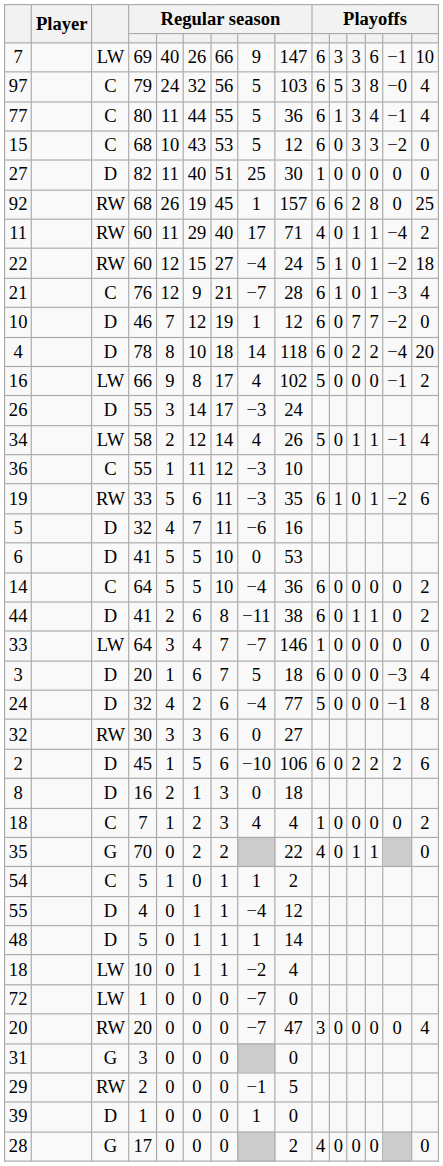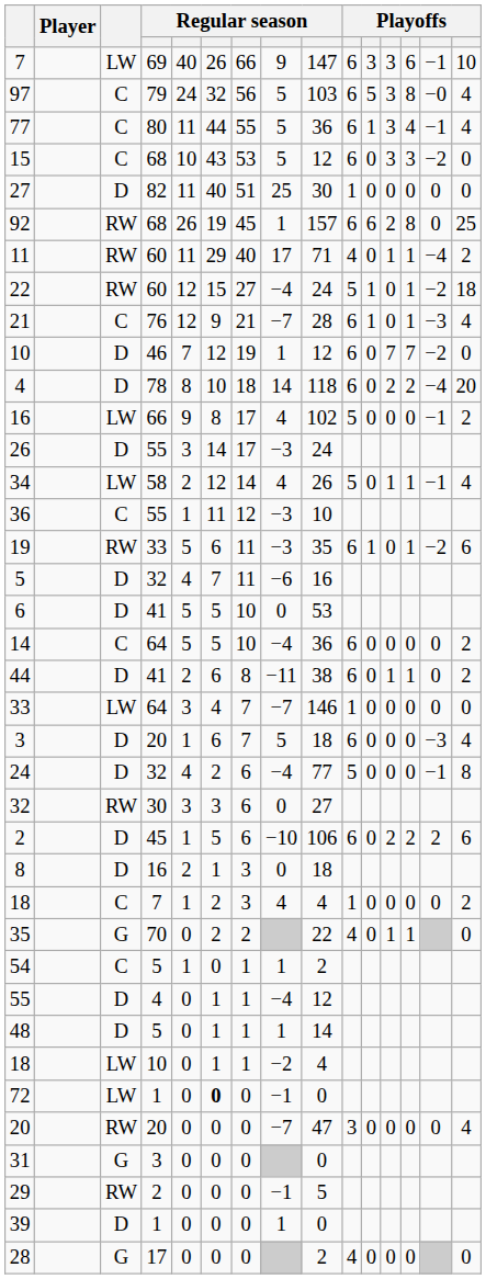 <table class="wikitable sortable plainrowheaders" style="text-align:center;">
 <tr>
 <th scope="col" data-sort-type="number" rowspan="2"></th>
 <th scope="col" rowspan="2">Player</th>
 <th scope="col" rowspan="2"></th>
 <th scope=colgroup colspan=6>Regular season</th>
 <th scope=colgroup colspan=6>Playoffs</th>
 </tr>
 <tr>
 <th scope="col" data-sort-type="number"></th>
 <th scope="col" data-sort-type="number"></th>
 <th scope="col" data-sort-type="number"></th>
 <th scope="col" data-sort-type="number"></th>
 <th scope="col" data-sort-type="number"></th>
 <th scope="col" data-sort-type="number"></th>
 <th scope="col" data-sort-type="number"></th>
 <th scope="col" data-sort-type="number"></th>
 <th scope="col" data-sort-type="number"></th>
 <th scope="col" data-sort-type="number"></th>
 <th scope="col" data-sort-type="number"></th>
 <th scope="col" data-sort-type="number"></th>
 </tr>
 <tr>
 <td scope="row">7</td>
 <td align="left"></td>
 <td>LW</td>
 <td>69</td>
 <td>40</td>
 <td>26</td>
 <td>66</td>
 <td>9</td>
 <td>147</td>
 <td>6</td>
 <td>3</td>
 <td>3</td>
 <td>6</td>
 <td>−1</td>
 <td>10</td>
 </tr>
 <tr>
 <td scope="row">97</td>
 <td align="left"></td>
 <td>C</td>
 <td>79</td>
 <td>24</td>
 <td>32</td>
 <td>56</td>
 <td>5</td>
 <td>103</td>
 <td>6</td>
 <td>5</td>
 <td>3</td>
 <td>8</td>
 <td>−0</td>
 <td>4</td>
 </tr>
 <tr>
 <td scope="row">77</td>
 <td align="left"></td>
 <td>C</td>
 <td>80</td>
 <td>11</td>
 <td>44</td>
 <td>55</td>
 <td>5</td>
 <td>36</td>
 <td>6</td>
 <td>1</td>
 <td>3</td>
 <td>4</td>
 <td>−1</td>
 <td>4</td>
 </tr>
 <tr>
 <td scope="row">15</td>
 <td align="left"></td>
 <td>C</td>
 <td>68</td>
 <td>10</td>
 <td>43</td>
 <td>53</td>
 <td>5</td>
 <td>12</td>
 <td>6</td>
 <td>0</td>
 <td>3</td>
 <td>3</td>
 <td>−2</td>
 <td>0</td>
 </tr>
 <tr>
 <td scope="row">27</td>
 <td align="left"></td>
 <td>D</td>
 <td>82</td>
 <td>11</td>
 <td>40</td>
 <td>51</td>
 <td>25</td>
 <td>30</td>
 <td>1</td>
 <td>0</td>
 <td>0</td>
 <td>0</td>
 <td>0</td>
 <td>0</td>
 </tr>
 <tr>
 <td scope="row">92</td>
 <td align="left"></td>
 <td>RW</td>
 <td>68</td>
 <td>26</td>
 <td>19</td>
 <td>45</td>
 <td>1</td>
 <td>157</td>
 <td>6</td>
 <td>6</td>
 <td>2</td>
 <td>8</td>
 <td>0</td>
 <td>25</td>
 </tr>
 <tr>
 <td scope="row">11</td>
 <td align="left"></td>
 <td>RW</td>
 <td>60</td>
 <td>11</td>
 <td>29</td>
 <td>40</td>
 <td>17</td>
 <td>71</td>
 <td>4</td>
 <td>0</td>
 <td>1</td>
 <td>1</td>
 <td>−4</td>
 <td>2</td>
 </tr>
 <tr>
 <td scope="row">22</td>
 <td align="left"></td>
 <td>RW</td>
 <td>60</td>
 <td>12</td>
 <td>15</td>
 <td>27</td>
 <td>−4</td>
 <td>24</td>
 <td>5</td>
 <td>1</td>
 <td>0</td>
 <td>1</td>
 <td>−2</td>
 <td>18</td>
 </tr>
 <tr>
 <td scope="row">21</td>
 <td align="left"></td>
 <td>C</td>
 <td>76</td>
 <td>12</td>
 <td>9</td>
 <td>21</td>
 <td>−7</td>
 <td>28</td>
 <td>6</td>
 <td>1</td>
 <td>0</td>
 <td>1</td>
 <td>−3</td>
 <td>4</td>
 </tr>
 <tr>
 <td scope="row">10</td>
 <td align="left"></td>
 <td>D</td>
 <td>46</td>
 <td>7</td>
 <td>12</td>
 <td>19</td>
 <td>1</td>
 <td>12</td>
 <td>6</td>
 <td>0</td>
 <td>7</td>
 <td>7</td>
 <td>−2</td>
 <td>0</td>
 </tr>
 <tr>
 <td scope="row">4</td>
 <td align="left"></td>
 <td>D</td>
 <td>78</td>
 <td>8</td>
 <td>10</td>
 <td>18</td>
 <td>14</td>
 <td>118</td>
 <td>6</td>
 <td>0</td>
 <td>2</td>
 <td>2</td>
 <td>−4</td>
 <td>20</td>
 </tr>
 <tr>
 <td scope="row">16</td>
 <td align="left"></td>
 <td>LW</td>
 <td>66</td>
 <td>9</td>
 <td>8</td>
 <td>17</td>
 <td>4</td>
 <td>102</td>
 <td>5</td>
 <td>0</td>
 <td>0</td>
 <td>0</td>
 <td>−1</td>
 <td>2</td>
 </tr>
 <tr>
 <td scope="row">26</td>
 <td align="left"></td>
 <td>D</td>
 <td>55</td>
 <td>3</td>
 <td>14</td>
 <td>17</td>
 <td>−3</td>
 <td>24</td>
 <td></td>
 <td></td>
 <td></td>
 <td></td>
 <td></td>
 <td></td>
 </tr>
 <tr>
 <td scope="row">34</td>
 <td align="left"></td>
 <td>LW</td>
 <td>58</td>
 <td>2</td>
 <td>12</td>
 <td>14</td>
 <td>4</td>
 <td>26</td>
 <td>5</td>
 <td>0</td>
 <td>1</td>
 <td>1</td>
 <td>−1</td>
 <td>4</td>
 </tr>
 <tr>
 <td scope="row">36</td>
 <td align="left"></td>
 <td>C</td>
 <td>55</td>
 <td>1</td>
 <td>11</td>
 <td>12</td>
 <td>−3</td>
 <td>10</td>
 <td></td>
 <td></td>
 <td></td>
 <td></td>
 <td></td>
 <td></td>
 </tr>
 <tr>
 <td scope="row">19</td>
 <td align="left"></td>
 <td>RW</td>
 <td>33</td>
 <td>5</td>
 <td>6</td>
 <td>11</td>
 <td>−3</td>
 <td>35</td>
 <td>6</td>
 <td>1</td>
 <td>0</td>
 <td>1</td>
 <td>−2</td>
 <td>6</td>
 </tr>
 <tr>
 <td scope="row">5</td>
 <td align="left"></td>
 <td>D</td>
 <td>32</td>
 <td>4</td>
 <td>7</td>
 <td>11</td>
 <td>−6</td>
 <td>16</td>
 <td></td>
 <td></td>
 <td></td>
 <td></td>
 <td></td>
 <td></td>
 </tr>
 <tr>
 <td scope="row">6</td>
 <td align="left"></td>
 <td>D</td>
 <td>41</td>
 <td>5</td>
 <td>5</td>
 <td>10</td>
 <td>0</td>
 <td>53</td>
 <td></td>
 <td></td>
 <td></td>
 <td></td>
 <td></td>
 <td></td>
 </tr>
 <tr>
 <td scope="row">14</td>
 <td align="left"></td>
 <td>C</td>
 <td>64</td>
 <td>5</td>
 <td>5</td>
 <td>10</td>
 <td>−4</td>
 <td>36</td>
 <td>6</td>
 <td>0</td>
 <td>0</td>
 <td>0</td>
 <td>0</td>
 <td>2</td>
 </tr>
 <tr>
 <td scope="row">44</td>
 <td align="left"></td>
 <td>D</td>
 <td>41</td>
 <td>2</td>
 <td>6</td>
 <td>8</td>
 <td>−11</td>
 <td>38</td>
 <td>6</td>
 <td>0</td>
 <td>1</td>
 <td>1</td>
 <td>0</td>
 <td>2</td>
 </tr>
 <tr>
 <td scope="row">33</td>
 <td align="left"></td>
 <td>LW</td>
 <td>64</td>
 <td>3</td>
 <td>4</td>
 <td>7</td>
 <td>−7</td>
 <td>146</td>
 <td>1</td>
 <td>0</td>
 <td>0</td>
 <td>0</td>
 <td>0</td>
 <td>0</td>
 </tr>
 <tr>
 <td scope="row">3</td>
 <td align="left"></td>
 <td>D</td>
 <td>20</td>
 <td>1</td>
 <td>6</td>
 <td>7</td>
 <td>5</td>
 <td>18</td>
 <td>6</td>
 <td>0</td>
 <td>0</td>
 <td>0</td>
 <td>−3</td>
 <td>4</td>
 </tr>
 <tr>
 <td scope="row">24</td>
 <td align="left"></td>
 <td>D</td>
 <td>32</td>
 <td>4</td>
 <td>2</td>
 <td>6</td>
 <td>−4</td>
 <td>77</td>
 <td>5</td>
 <td>0</td>
 <td>0</td>
 <td>0</td>
 <td>−1</td>
 <td>8</td>
 </tr>
 <tr>
 <td scope="row">32</td>
 <td align="left"></td>
 <td>RW</td>
 <td>30</td>
 <td>3</td>
 <td>3</td>
 <td>6</td>
 <td>0</td>
 <td>27</td>
 <td></td>
 <td></td>
 <td></td>
 <td></td>
 <td></td>
 <td></td>
 </tr>
 <tr>
 <td scope="row">2</td>
 <td align="left"></td>
 <td>D</td>
 <td>45</td>
 <td>1</td>
 <td>5</td>
 <td>6</td>
 <td>−10</td>
 <td>106</td>
 <td>6</td>
 <td>0</td>
 <td>2</td>
 <td>2</td>
 <td>2</td>
 <td>6</td>
 </tr>
 <tr>
 <td scope="row">8</td>
 <td align="left"></td>
 <td>D</td>
 <td>16</td>
 <td>2</td>
 <td>1</td>
 <td>3</td>
 <td>0</td>
 <td>18</td>
 <td></td>
 <td></td>
 <td></td>
 <td></td>
 <td></td>
 <td></td>
 </tr>
 <tr>
 <td scope="row">18</td>
 <td align="left"></td>
 <td>C</td>
 <td>7</td>
 <td>1</td>
 <td>2</td>
 <td>3</td>
 <td>4</td>
 <td>4</td>
 <td>1</td>
 <td>0</td>
 <td>0</td>
 <td>0</td>
 <td>0</td>
 <td>2</td>
 </tr>
 <tr>
 <td scope="row">35</td>
 <td align="left"></td>
 <td>G</td>
 <td>70</td>
 <td>0</td>
 <td>2</td>
 <td>2</td>
 <td style="background:#ccc"></td>
 <td>22</td>
 <td>4</td>
 <td>0</td>
 <td>1</td>
 <td>1</td>
 <td style="background:#ccc"></td>
 <td>0</td>
 </tr>
 <tr>
 <td scope="row">54</td>
 <td align="left"></td>
 <td>C</td>
 <td>5</td>
 <td>1</td>
 <td>0</td>
 <td>1</td>
 <td>1</td>
 <td>2</td>
 <td></td>
 <td></td>
 <td></td>
 <td></td>
 <td></td>
 <td></td>
 </tr>
 <tr>
 <td scope="row">55</td>
 <td align="left"></td>
 <td>D</td>
 <td>4</td>
 <td>0</td>
 <td>1</td>
 <td>1</td>
 <td>−4</td>
 <td>12</td>
 <td></td>
 <td></td>
 <td></td>
 <td></td>
 <td></td>
 <td></td>
 </tr>
 <tr>
 <td scope="row">48</td>
 <td align="left"></td>
 <td>D</td>
 <td>5</td>
 <td>0</td>
 <td>1</td>
 <td>1</td>
 <td>1</td>
 <td>14</td>
 <td></td>
 <td></td>
 <td></td>
 <td></td>
 <td></td>
 <td></td>
 </tr>
 <tr>
 <td scope="row">18</td>
 <td align="left"></td>
 <td>LW</td>
 <td>10</td>
 <td>0</td>
 <td>1</td>
 <td>1</td>
 <td>−2</td>
 <td>4</td>
 <td></td>
 <td></td>
 <td></td>
 <td></td>
 <td></td>
 <td></td>
 </tr>
 <tr>
 <td scope="row">72</td>
 <td align="left"></td>
 <td>LW</td>
 <td>1</td>
 <td>0</td>
+<td><strong>0</strong></td>
 <td>0</td>
-<td>0</td>
-<td>−7</td>
+<td>−1</td>
 <td>0</td>
 <td></td>
 <td></td>
 <td></td>
 <td></td>
 <td></td>
 <td></td>
 </tr>
 <tr>
 <td scope="row">20</td>
 <td align="left"></td>
 <td>RW</td>
 <td>20</td>
 <td>0</td>
 <td>0</td>
 <td>0</td>
 <td>−7</td>
 <td>47</td>
 <td>3</td>
 <td>0</td>
 <td>0</td>
 <td>0</td>
 <td>0</td>
 <td>4</td>
 </tr>
 <tr>
 <td scope="row">31</td>
 <td align="left"></td>
 <td>G</td>
 <td>3</td>
 <td>0</td>
 <td>0</td>
 <td>0</td>
 <td style="background:#ccc"></td>
 <td>0</td>
 <td></td>
 <td></td>
 <td></td>
 <td></td>
 <td></td>
 <td></td>
 </tr>
 <tr>
 <td scope="row">29</td>
 <td align="left"></td>
 <td>RW</td>
 <td>2</td>
 <td>0</td>
 <td>0</td>
 <td>0</td>
 <td>−1</td>
 <td>5</td>
 <td></td>
 <td></td>
 <td></td>
 <td></td>
 <td></td>
 <td></td>
 </tr>
 <tr>
 <td scope="row">39</td>
 <td align="left"></td>
 <td>D</td>
 <td>1</td>
 <td>0</td>
 <td>0</td>
 <td>0</td>
 <td>1</td>
 <td>0</td>
 <td></td>
 <td></td>
 <td></td>
 <td></td>
 <td></td>
 <td></td>
 </tr>
 <tr>
 <td scope="row">28</td>
 <td align="left"></td>
 <td>G</td>
 <td>17</td>
 <td>0</td>
 <td>0</td>
 <td>0</td>
 <td style="background:#ccc"></td>
 <td>2</td>
 <td>4</td>
 <td>0</td>
 <td>0</td>
 <td>0</td>
 <td style="background:#ccc"></td>
 <td>0</td>
 </tr>
 </table>
